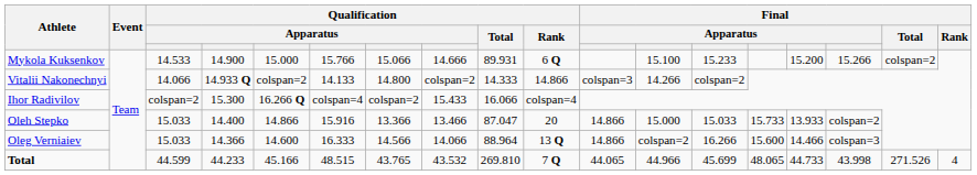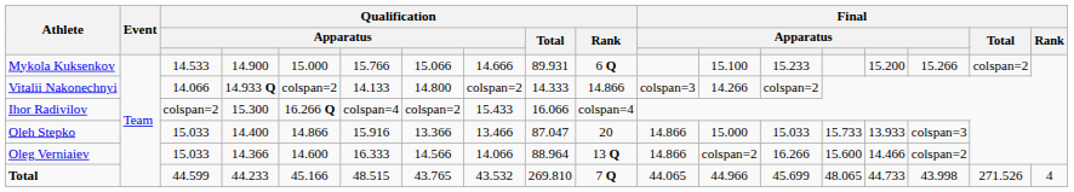 <table class="wikitable" style="font-size:90%">
 <tr>
 <th rowspan=3>Athlete</th>
 <th rowspan=3>Event</th>
 <th colspan =8>Qualification</th>
 <th colspan =8>Final</th>
 </tr>
 <tr style="font-size:95%">
 <th colspan=6>Apparatus</th>
 <th rowspan=2>Total</th>
 <th rowspan=2>Rank</th>
 <th colspan=6>Apparatus</th>
 <th rowspan=2>Total</th>
 <th rowspan=2>Rank</th>
 </tr>
 <tr style="font-size:95%">
 <th></th>
 <th></th>
 <th></th>
 <th></th>
 <th></th>
 <th></th>
 <th></th>
 <th></th>
 <th></th>
 <th></th>
 <th></th>
 <th></th>
 </tr>
 <tr align=center>
 <td align=left><a href='#'>Mykola Kuksenkov</a></td>
 <td align=left rowspan=6><a href='#'>Team</a></td>
 <td>14.533</td>
 <td>14.900</td>
 <td>15.000</td>
 <td>15.766</td>
 <td>15.066</td>
 <td>14.666</td>
 <td>89.931</td>
 <td>6 <strong>Q</strong></td>
 <td></td>
 <td>15.100</td>
 <td>15.233</td>
 <td></td>
 <td>15.200</td>
 <td>15.266</td>
 <td>colspan=2 </td>
 </tr>
 <tr align=center>
 <td align=left><a href='#'>Vitalii Nakonechnyi</a></td>
 <td>14.066</td>
 <td>14.933 <strong>Q</strong></td>
 <td>colspan=2 </td>
 <td>14.133</td>
 <td>14.800</td>
 <td>colspan=2 </td>
 <td>14.333</td>
 <td>14.866</td>
 <td>colspan=3 </td>
 <td>14.266</td>
 <td>colspan=2 </td>
 </tr>
 <tr align=center>
 <td align=left><a href='#'>Ihor Radivilov</a></td>
 <td>colspan=2 </td>
 <td>15.300</td>
 <td>16.266 <strong>Q</strong></td>
 <td>colspan=4 </td>
 <td>colspan=2 </td>
 <td>15.433</td>
 <td>16.066</td>
 <td>colspan=4 </td>
 </tr>
 <tr align=center>
 <td align=left><a href='#'>Oleh Stepko</a></td>
 <td>15.033</td>
 <td>14.400</td>
 <td>14.866</td>
 <td>15.916</td>
 <td>13.366</td>
 <td>13.466</td>
 <td>87.047</td>
 <td>20</td>
 <td>14.866</td>
 <td>15.000</td>
 <td>15.033</td>
 <td>15.733</td>
 <td>13.933</td>
-<td>colspan=2 </td>
+<td>colspan=3 </td>
 </tr>
 <tr align=center>
 <td align=left><a href='#'>Oleg Verniaiev</a></td>
 <td>15.033</td>
 <td>14.366</td>
 <td>14.600</td>
 <td>16.333</td>
 <td>14.566</td>
 <td>14.066</td>
 <td>88.964</td>
 <td>13 <strong>Q</strong></td>
 <td>14.866</td>
 <td>colspan=2 </td>
 <td>16.266</td>
 <td>15.600</td>
 <td>14.466</td>
-<td>colspan=3 </td>
+<td>colspan=2 </td>
 </tr>
 <tr align=center>
 <td align=left><strong>Total</strong></td>
 <td>44.599</td>
 <td>44.233</td>
 <td>45.166</td>
 <td>48.515</td>
 <td>43.765</td>
 <td>43.532</td>
 <td>269.810</td>
 <td>7 <strong>Q</strong></td>
 <td>44.065</td>
 <td>44.966</td>
 <td>45.699</td>
 <td>48.065</td>
 <td>44.733</td>
 <td>43.998</td>
 <td>271.526</td>
 <td>4</td>
 </tr>
 </table>
